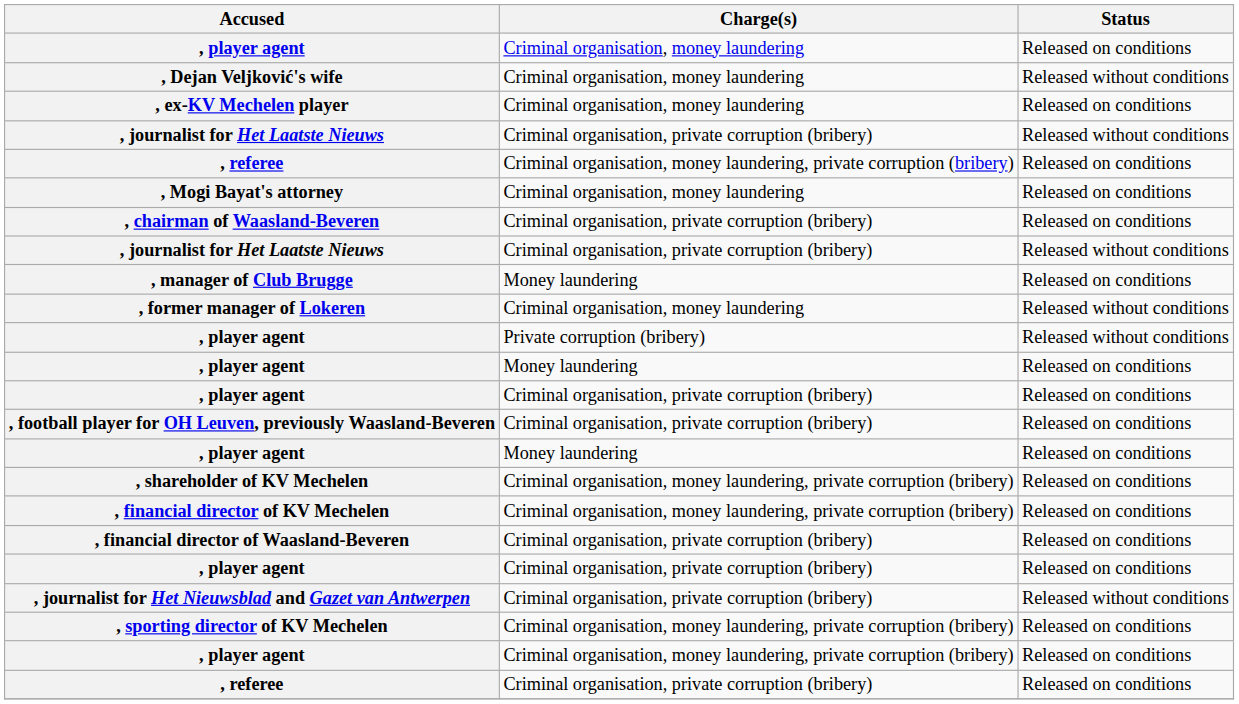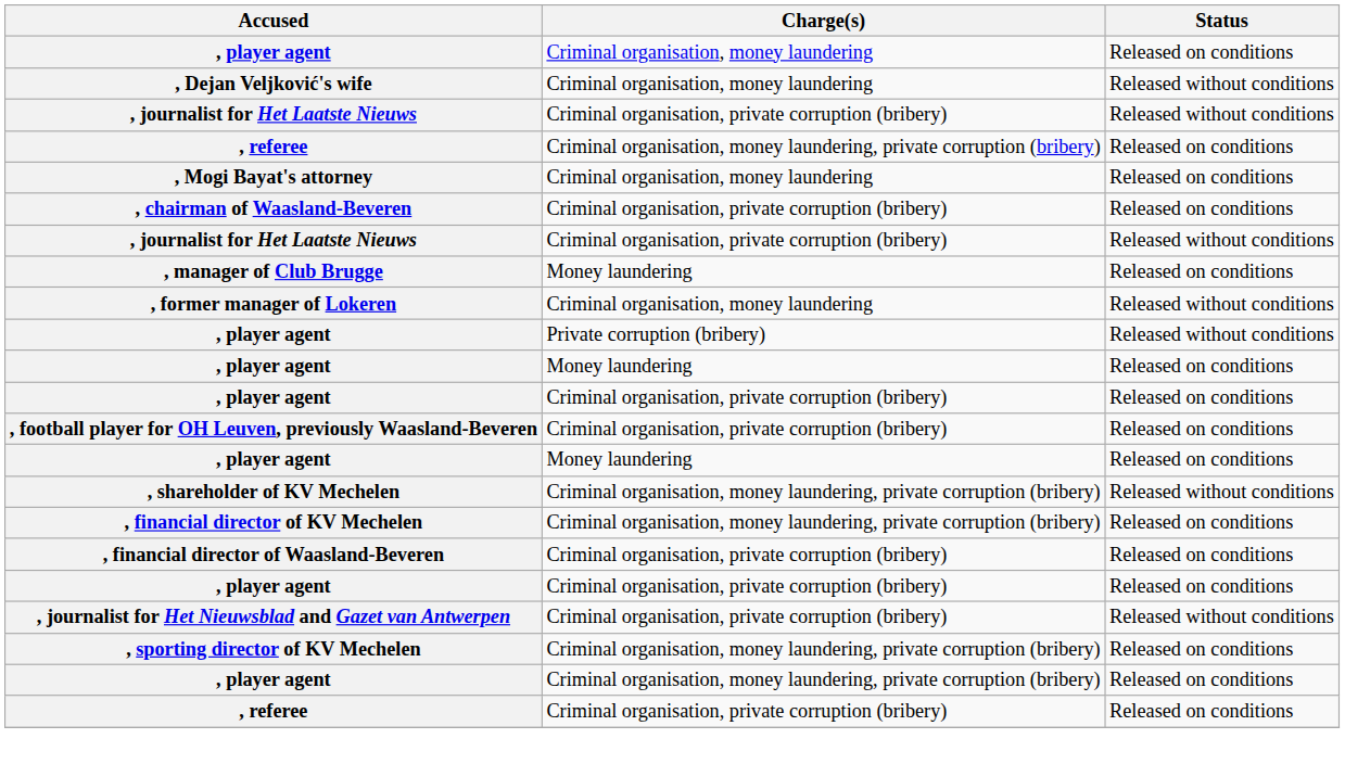 <table class="wikitable sortable plainrowheaders">
 <tr>
 <th scope="col">Accused</th>
 <th scope="col">Charge(s)</th>
 <th scope="col">Status</th>
 </tr>
 <tr>
 <th scope="row">, <a href='#'>player agent</a></th>
 <td><a href='#'>Criminal organisation</a>, <a href='#'>money laundering</a></td>
 <td>Released on conditions</td>
 </tr>
 <tr>
 <th scope="row">, Dejan Veljković's wife</th>
 <td>Criminal organisation, money laundering</td>
 <td>Released without conditions</td>
-</tr>
-<tr>
-<th scope="row">, ex-<a href='#'>KV Mechelen</a> player</th>
-<td>Criminal organisation, money laundering</td>
-<td>Released on conditions</td>
 </tr>
 <tr>
 <th scope="row">, journalist for <em><a href='#'>Het Laatste Nieuws</a></em></th>
 <td>Criminal organisation, private corruption (bribery)</td>
 <td>Released without conditions</td>
 </tr>
 <tr>
 <th scope="row">, <a href='#'>referee</a></th>
 <td>Criminal organisation, money laundering, private corruption (<a href='#'>bribery</a>)</td>
 <td>Released on conditions</td>
 </tr>
 <tr>
 <th scope="row">, Mogi Bayat's attorney</th>
 <td>Criminal organisation, money laundering</td>
 <td>Released on conditions</td>
 </tr>
 <tr>
 <th scope="row">, <a href='#'>chairman</a> of <a href='#'>Waasland-Beveren</a></th>
 <td>Criminal organisation, private corruption (bribery)</td>
 <td>Released on conditions</td>
 </tr>
 <tr>
 <th scope="row">, journalist for <em>Het Laatste Nieuws</em></th>
 <td>Criminal organisation, private corruption (bribery)</td>
 <td>Released without conditions</td>
 </tr>
 <tr>
 <th scope="row">, manager of <a href='#'>Club Brugge</a></th>
 <td>Money laundering</td>
 <td>Released on conditions</td>
 </tr>
 <tr>
 <th scope="row">, former manager of <a href='#'>Lokeren</a></th>
 <td>Criminal organisation, money laundering</td>
 <td>Released without conditions</td>
 </tr>
 <tr>
 <th scope="row">, player agent</th>
 <td>Private corruption (bribery)</td>
 <td>Released without conditions</td>
 </tr>
 <tr>
 <th scope="row">, player agent</th>
 <td>Money laundering</td>
 <td>Released on conditions</td>
 </tr>
 <tr>
 <th scope="row">, player agent</th>
 <td>Criminal organisation, private corruption (bribery)</td>
 <td>Released on conditions</td>
 </tr>
 <tr>
 <th scope="row">, football player for <a href='#'>OH Leuven</a>, previously Waasland-Beveren</th>
 <td>Criminal organisation, private corruption (bribery)</td>
 <td>Released on conditions</td>
 </tr>
 <tr>
 <th scope="row">, player agent</th>
 <td>Money laundering</td>
 <td>Released on conditions</td>
 </tr>
 <tr>
 <th scope="row">, shareholder of KV Mechelen</th>
 <td>Criminal organisation, money laundering, private corruption (bribery)</td>
-<td>Released on conditions</td>
+<td>Released without conditions</td>
 </tr>
 <tr>
 <th scope="row">, <a href='#'>financial director</a> of KV Mechelen</th>
 <td>Criminal organisation, money laundering, private corruption (bribery)</td>
 <td>Released on conditions</td>
 </tr>
 <tr>
 <th scope="row">, financial director of Waasland-Beveren</th>
 <td>Criminal organisation, private corruption (bribery)</td>
 <td>Released on conditions</td>
 </tr>
 <tr>
 <th scope="row">, player agent</th>
 <td>Criminal organisation, private corruption (bribery)</td>
 <td>Released on conditions</td>
 </tr>
 <tr>
 <th scope="row">, journalist for <em><a href='#'>Het Nieuwsblad</a></em> and <em><a href='#'>Gazet van Antwerpen</a></em></th>
 <td>Criminal organisation, private corruption (bribery)</td>
 <td>Released without conditions</td>
 </tr>
 <tr>
 <th scope="row">, <a href='#'>sporting director</a> of KV Mechelen</th>
 <td>Criminal organisation, money laundering, private corruption (bribery)</td>
 <td>Released on conditions</td>
 </tr>
 <tr>
 <th scope="row">, player agent</th>
 <td>Criminal organisation, money laundering, private corruption (bribery)</td>
 <td>Released on conditions</td>
 </tr>
 <tr>
 <th scope="row">, referee</th>
 <td>Criminal organisation, private corruption (bribery)</td>
 <td>Released on conditions</td>
 </tr>
 <tr>
 </tr>
 </table>
